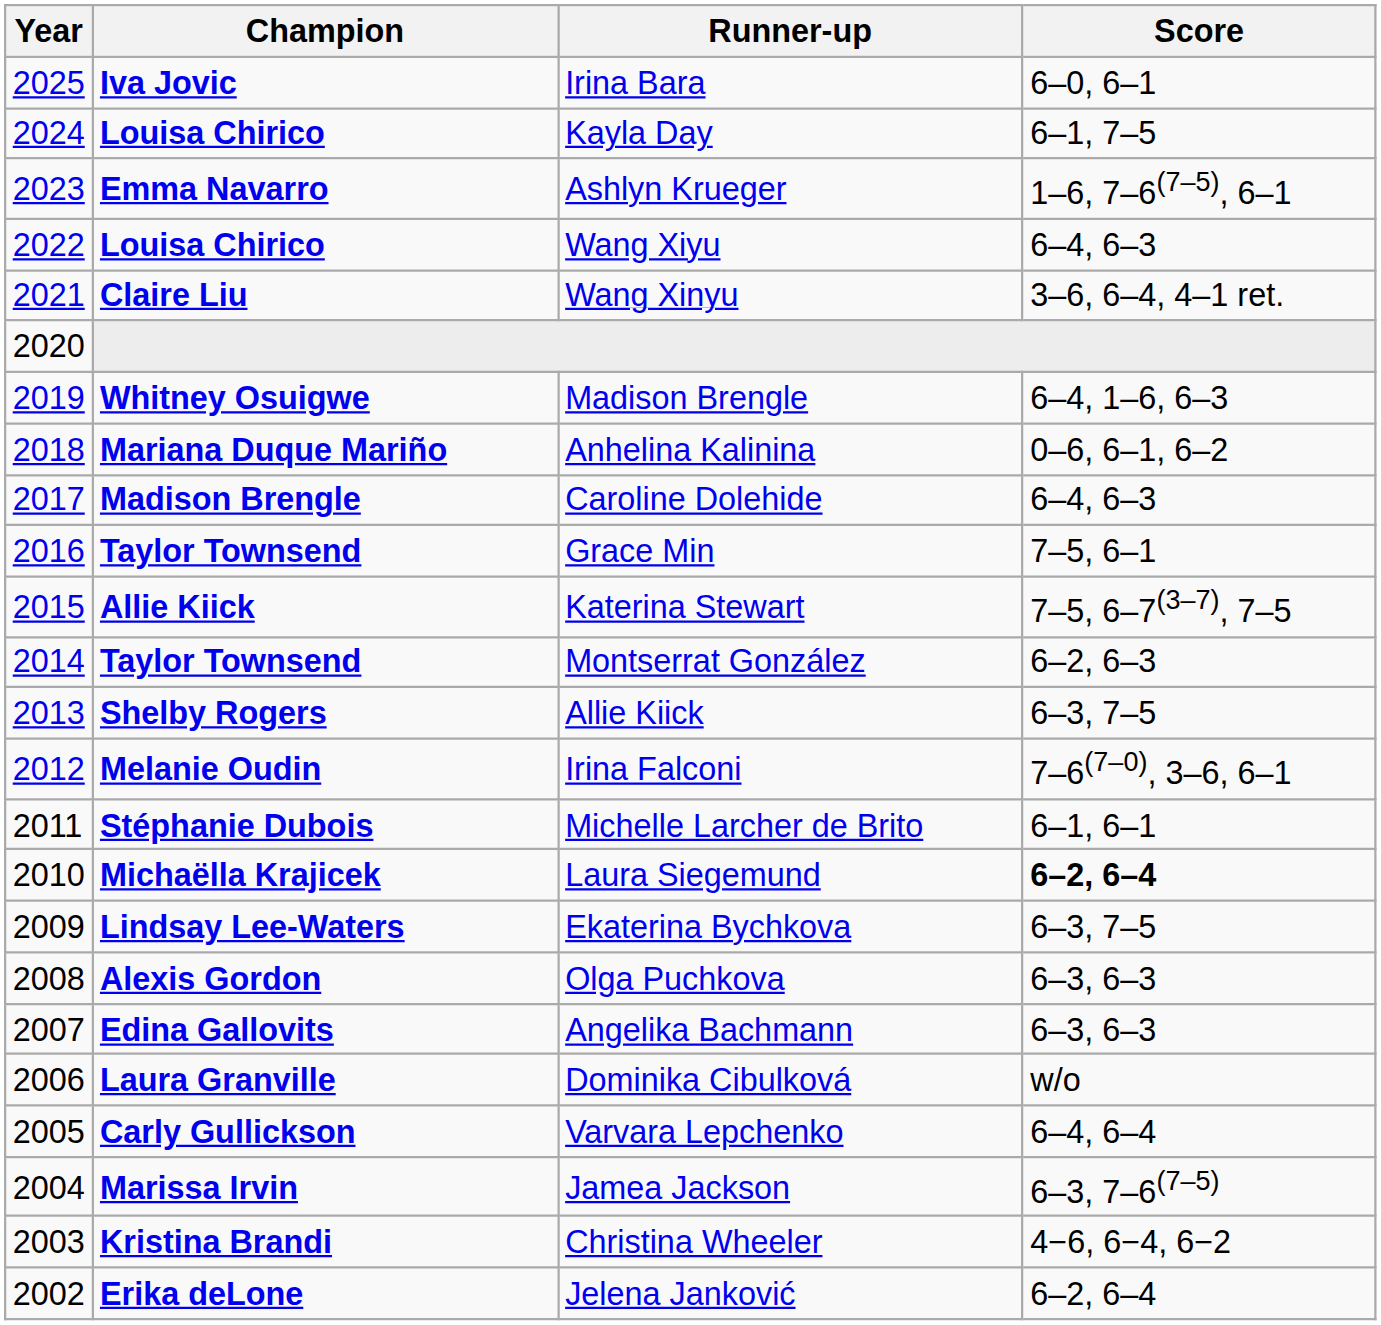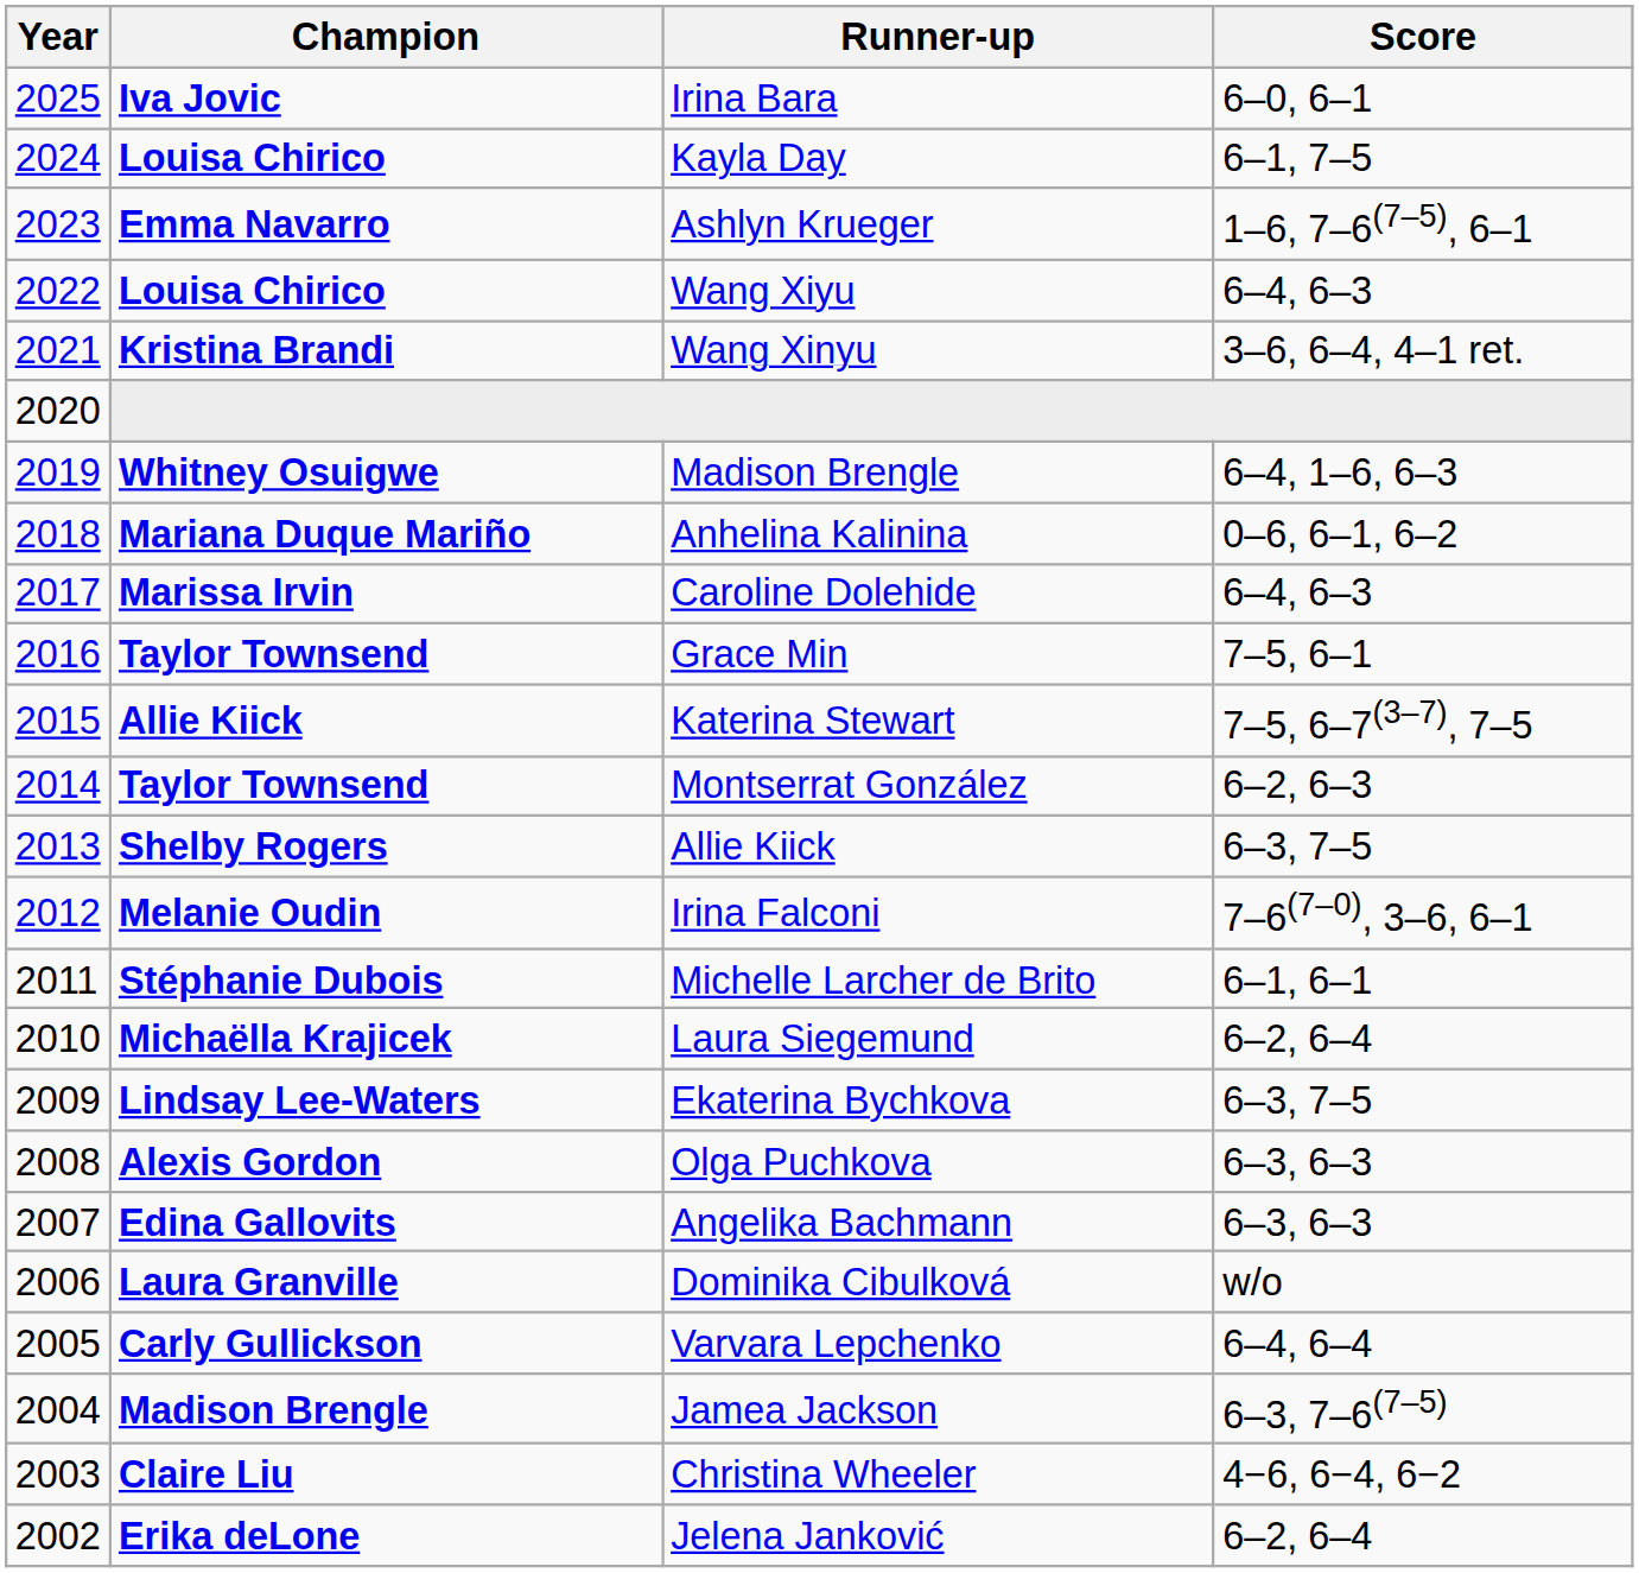 <table class="wikitable" style="font-size:90%">
 <tr>
 <th>Year</th>
 <th width="200">Champion</th>
 <th width="200">Runner-up</th>
 <th width="150">Score</th>
 </tr>
 <tr>
 <td><a href='#'>2025</a></td>
 <td> <strong><a href='#'>Iva Jovic</a></strong></td>
 <td> <a href='#'>Irina Bara</a></td>
 <td>6–0, 6–1</td>
 </tr>
 <tr>
 <td><a href='#'>2024</a></td>
 <td> <strong><a href='#'>Louisa Chirico</a></strong></td>
 <td> <a href='#'>Kayla Day</a></td>
 <td>6–1, 7–5</td>
 </tr>
 <tr>
 <td><a href='#'>2023</a></td>
 <td> <strong><a href='#'>Emma Navarro</a></strong></td>
 <td> <a href='#'>Ashlyn Krueger</a></td>
 <td>1–6, 7–6<sup>(7–5)</sup>, 6–1</td>
 </tr>
 <tr>
 <td><a href='#'>2022</a></td>
 <td> <strong><a href='#'>Louisa Chirico</a></strong></td>
 <td> <a href='#'>Wang Xiyu</a></td>
 <td>6–4, 6–3</td>
 </tr>
 <tr>
 <td><a href='#'>2021</a></td>
-<td> <strong><a href='#'>Claire Liu</a></strong></td>
+<td> <strong><a href='#'>Kristina Brandi</a></strong></td>
 <td> <a href='#'>Wang Xinyu</a></td>
 <td>3–6, 6–4, 4–1 ret.</td>
 </tr>
 <tr>
 <td>2020</td>
 <td colspan=3 bgcolor="#ededed"></td>
 </tr>
 <tr>
 <td><a href='#'>2019</a></td>
 <td> <strong><a href='#'>Whitney Osuigwe</a></strong></td>
 <td> <a href='#'>Madison Brengle</a></td>
 <td>6–4, 1–6, 6–3</td>
 </tr>
 <tr>
 <td><a href='#'>2018</a></td>
 <td> <strong><a href='#'>Mariana Duque Mariño</a></strong></td>
 <td> <a href='#'>Anhelina Kalinina</a></td>
 <td>0–6, 6–1, 6–2</td>
 </tr>
 <tr>
 <td><a href='#'>2017</a></td>
-<td> <strong><a href='#'>Madison Brengle</a></strong></td>
+<td> <strong><a href='#'>Marissa Irvin</a></strong></td>
 <td> <a href='#'>Caroline Dolehide</a></td>
 <td>6–4, 6–3</td>
 </tr>
 <tr>
 <td><a href='#'>2016</a></td>
 <td> <strong><a href='#'>Taylor Townsend</a></strong></td>
 <td> <a href='#'>Grace Min</a></td>
 <td>7–5, 6–1</td>
 </tr>
 <tr>
 <td><a href='#'>2015</a></td>
 <td> <strong><a href='#'>Allie Kiick</a></strong></td>
 <td> <a href='#'>Katerina Stewart</a></td>
 <td>7–5, 6–7<sup>(3–7)</sup>, 7–5</td>
 </tr>
 <tr>
 <td><a href='#'>2014</a></td>
 <td> <strong><a href='#'>Taylor Townsend</a></strong></td>
 <td> <a href='#'>Montserrat González</a></td>
 <td>6–2, 6–3</td>
 </tr>
 <tr>
 <td><a href='#'>2013</a></td>
 <td> <strong><a href='#'>Shelby Rogers</a></strong></td>
 <td> <a href='#'>Allie Kiick</a></td>
 <td>6–3, 7–5</td>
 </tr>
 <tr>
 <td><a href='#'>2012</a></td>
 <td> <strong><a href='#'>Melanie Oudin</a></strong></td>
 <td> <a href='#'>Irina Falconi</a></td>
 <td>7–6<sup>(7–0)</sup>, 3–6, 6–1</td>
 </tr>
 <tr>
 <td>2011</td>
 <td> <strong><a href='#'>Stéphanie Dubois</a></strong></td>
 <td> <a href='#'>Michelle Larcher de Brito</a></td>
 <td>6–1, 6–1</td>
 </tr>
 <tr>
 <td>2010</td>
 <td> <strong><a href='#'>Michaëlla Krajicek</a></strong></td>
 <td> <a href='#'>Laura Siegemund</a></td>
-<td><strong>6–2, 6–4</strong></td>
+<td>6–2, 6–4</td>
 </tr>
 <tr>
 <td>2009</td>
 <td> <strong><a href='#'>Lindsay Lee-Waters</a></strong></td>
 <td> <a href='#'>Ekaterina Bychkova</a></td>
 <td>6–3, 7–5</td>
 </tr>
 <tr>
 <td>2008</td>
 <td> <strong><a href='#'>Alexis Gordon</a></strong></td>
 <td> <a href='#'>Olga Puchkova</a></td>
 <td>6–3, 6–3</td>
 </tr>
 <tr>
 <td>2007</td>
 <td> <strong><a href='#'>Edina Gallovits</a></strong></td>
 <td> <a href='#'>Angelika Bachmann</a></td>
 <td>6–3, 6–3</td>
 </tr>
 <tr>
 <td>2006</td>
 <td> <strong><a href='#'>Laura Granville</a></strong></td>
 <td> <a href='#'>Dominika Cibulková</a></td>
 <td>w/o</td>
 </tr>
 <tr>
 <td>2005</td>
 <td> <strong><a href='#'>Carly Gullickson</a></strong></td>
 <td> <a href='#'>Varvara Lepchenko</a></td>
 <td>6–4, 6–4</td>
 </tr>
 <tr>
 <td>2004</td>
-<td> <strong><a href='#'>Marissa Irvin</a></strong></td>
+<td> <strong><a href='#'>Madison Brengle</a></strong></td>
 <td> <a href='#'>Jamea Jackson</a></td>
 <td>6–3, 7–6<sup>(7–5)</sup></td>
 </tr>
 <tr>
 <td>2003</td>
-<td> <strong><a href='#'>Kristina Brandi</a></strong></td>
+<td> <strong><a href='#'>Claire Liu</a></strong></td>
 <td> <a href='#'>Christina Wheeler</a></td>
 <td>4−6, 6−4, 6−2</td>
 </tr>
 <tr>
 <td>2002</td>
 <td> <strong><a href='#'>Erika deLone</a></strong></td>
 <td> <a href='#'>Jelena Janković</a></td>
 <td>6–2, 6–4</td>
 </tr>
 </table>
